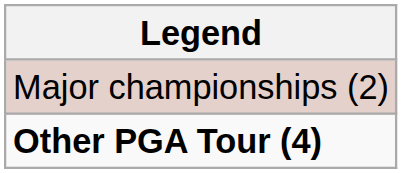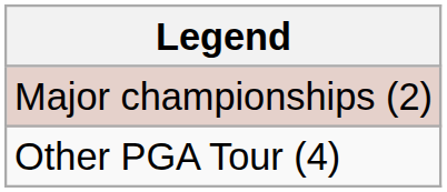 <table class="wikitable" style="font-size:95%;">
 <tr>
 <th>Legend</th>
 </tr>
 <tr style="background:#e5d1cb;">
 <td>Major championships (2)</td>
 </tr>
 <tr>
-<td><strong>Other PGA Tour (4)</strong></td>
+<td>Other PGA Tour (4)</td>
 </tr>
 </table>
